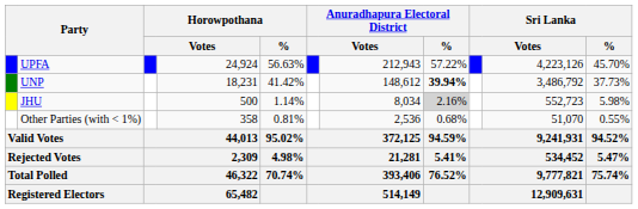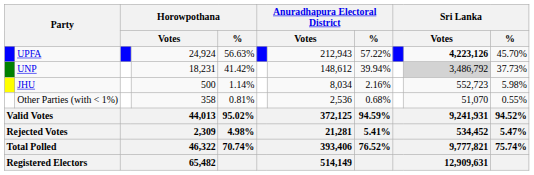 <table class="wikitable">
 <tr>
 <th colspan="2" width="144px"rowspan="2">Party</th>
 <th colspan="3" width="216px">Horowpothana</th>
 <th colspan="3" width="216px"><a href='#'>Anuradhapura Electoral District</a></th>
 <th colspan="3" width="216px">Sri Lanka</th>
 </tr>
 <tr>
 <th colspan="2" width="144px">Votes</th>
 <th>%</th>
 <th colspan="2" width="144px">Votes</th>
 <th>%</th>
 <th colspan="2" width="144px">Votes</th>
 <th>%</th>
 </tr>
 <tr>
 <td style="background-color:blue;" width="10px"></td>
 <td style="text-align:left;"><a href='#'>UPFA</a></td>
 <td style="background-color:blue;" width="10px"></td>
 <td style="text-align:right;">24,924</td>
 <td style="text-align:right;">56.63%</td>
 <td style="background-color:blue;" width="10px"></td>
 <td style="text-align:right;">212,943</td>
 <td style="text-align:right;">57.22%</td>
 <td style="background-color:blue;" width="10px"></td>
-<td style="text-align:right;">4,223,126</td>
+<td style="text-align:right;"><strong>4,223,126</strong></td>
 <td style="text-align:right;">45.70%</td>
 </tr>
 <tr>
 <td style="background-color:green;" width="10px"></td>
 <td style="text-align:left;"><a href='#'>UNP</a></td>
 <td style="background-color:white;" width="10px"></td>
 <td style="text-align:right;">18,231</td>
 <td style="text-align:right;">41.42%</td>
 <td style="background-color:white;" width="10px"></td>
 <td style="text-align:right;">148,612</td>
-<td style="text-align:right;"><strong>39.94%</strong></td>
+<td style="text-align:right;">39.94%</td>
 <td style="background-color:white;" width="10px"></td>
-<td style="text-align:right;">3,486,792</td>
+<td style="background: lightgrey; text-align:right;">3,486,792</td>
 <td style="text-align:right;">37.73%</td>
 </tr>
 <tr>
 <td style="background-color:yellow;" width="10px"></td>
 <td style="text-align:left;"><a href='#'>JHU</a></td>
 <td style="background-color:white;" width="10px"></td>
 <td style="text-align:right;">500</td>
 <td style="text-align:right;">1.14%</td>
 <td style="background-color:white;" width="10px"></td>
 <td style="text-align:right;">8,034</td>
-<td style="background: lightgrey; text-align:right;">2.16%</td>
+<td style="text-align:right;">2.16%</td>
 <td style="background-color:white;" width="10px"></td>
 <td style="text-align:right;">552,723</td>
 <td style="text-align:right;">5.98%</td>
 </tr>
 <tr>
 <td style="background-color:white;" width="10px"></td>
 <td style="text-align:left;">Other Parties (with < 1%)</td>
 <td style="background-color:white;" width="10px"></td>
 <td style="text-align:right;">358</td>
 <td style="text-align:right;">0.81%</td>
 <td style="background-color:white;" width="10px"></td>
 <td style="text-align:right;">2,536</td>
 <td style="text-align:right;">0.68%</td>
 <td style="background-color:white;" width="10px"></td>
 <td style="text-align:right;">51,070</td>
 <td style="text-align:right;">0.55%</td>
 </tr>
 <tr>
 <th colspan="2" width="144px"style="text-align:left;">Valid Votes</th>
 <th style="text-align:right;"colspan="2" width="144px">44,013</th>
 <th style="text-align:right;">95.02%</th>
 <th style="text-align:right;"colspan="2" width="144px">372,125</th>
 <th style="text-align:right;">94.59%</th>
 <th style="text-align:right;"colspan="2" width="144px">9,241,931</th>
 <th style="text-align:right;">94.52%</th>
 </tr>
 <tr>
 <th colspan="2" width="144px"style="text-align:left;">Rejected Votes</th>
 <th style="text-align:right;"colspan="2" width="144px">2,309</th>
 <th style="text-align:right;">4.98%</th>
 <th style="text-align:right;"colspan="2" width="144px">21,281</th>
 <th style="text-align:right;">5.41%</th>
 <th style="text-align:right;"colspan="2" width="144px">534,452</th>
 <th style="text-align:right;">5.47%</th>
 </tr>
 <tr>
 <th colspan="2" width="144px"style="text-align:left;">Total Polled</th>
 <th style="text-align:right;"colspan="2" width="144px">46,322</th>
 <th style="text-align:right;">70.74%</th>
 <th style="text-align:right;"colspan="2" width="144px">393,406</th>
 <th style="text-align:right;">76.52%</th>
 <th style="text-align:right;"colspan="2" width="144px">9,777,821</th>
 <th style="text-align:right;">75.74%</th>
 </tr>
 <tr>
 <th colspan="2" width="144px"style="text-align:left;">Registered Electors</th>
 <th style="text-align:right;"colspan="2" width="144px">65,482</th>
 <th></th>
 <th style="text-align:right;"colspan="2" width="144px">514,149</th>
 <th></th>
 <th style="text-align:right;"colspan="2" width="144px">12,909,631</th>
 <th></th>
 </tr>
 </table>
